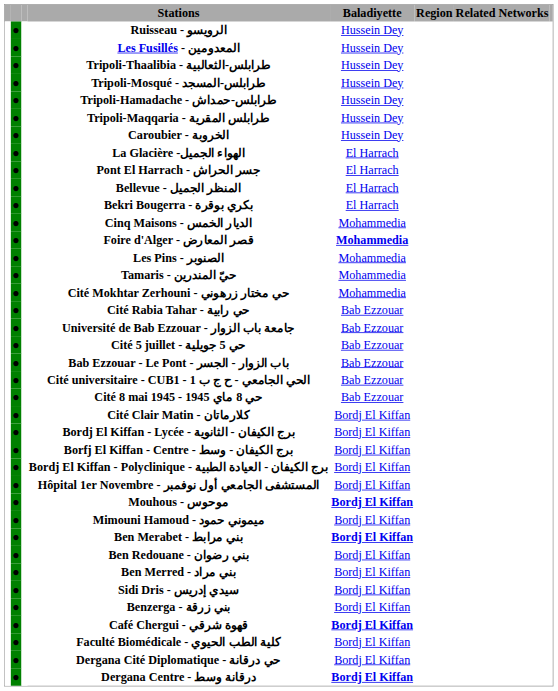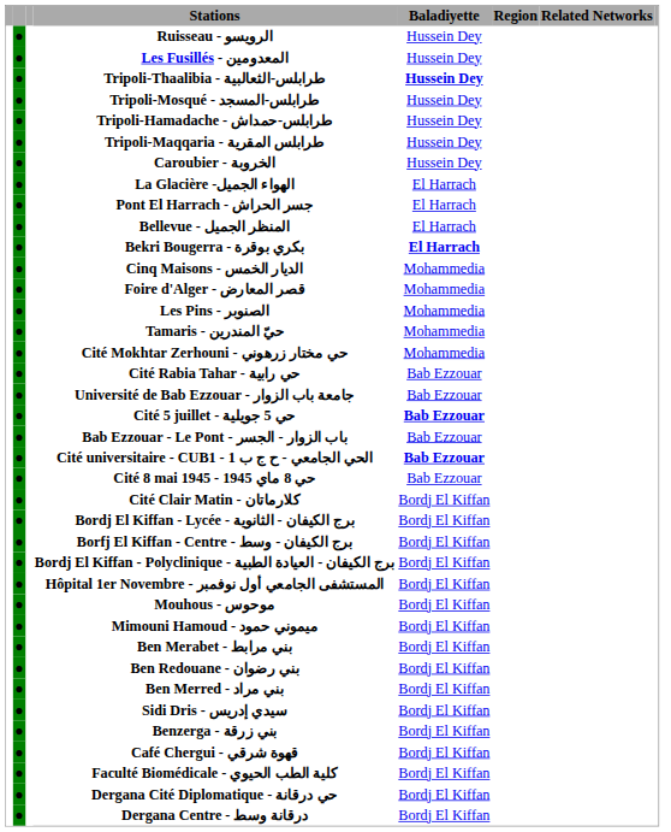 <table cellspacing=0 cellpadding=2 border="0" style="border: 1px solid #999; background-color:white; text-align:center;">
 <tr bgcolor="#AAAAAA">
 <th> </th>
 <th> </th>
 <th> </th>
 <th>Stations</th>
 <th>Baladiyette</th>
 <th>Region</th>
 <th>Related Networks</th>
 <th></th>
 </tr>
 <tr>
 <td bgcolor="#ffffff"> </td>
 <td bgcolor=green><span>●</span></td>
 <td bgcolor="#ffffff"> </td>
 <td align=center><strong> Ruisseau - الرويسو</strong></td>
 <td><a href='#'>Hussein Dey</a></td>
 <td align=left></td>
 </tr>
 <tr>
 <td bgcolor="#ffffff"> </td>
 <td bgcolor=green><span>●</span></td>
 <td bgcolor="#ffffff"> </td>
 <td align=center><strong> <a href='#'>Les Fusillés</a> - المعدومين</strong></td>
 <td><a href='#'>Hussein Dey</a></td>
 <td align=left></td>
 </tr>
 <tr>
 <td bgcolor="#ffffff"> </td>
 <td bgcolor=green><span>●</span></td>
 <td bgcolor="#ffffff"> </td>
 <td align=center><strong> Tripoli-Thaalibia - طرابلس-الثعالبية</strong></td>
-<td><a href='#'>Hussein Dey</a></td>
+<td><strong><a href='#'>Hussein Dey</a></strong></td>
 <td align=left></td>
 </tr>
 <tr>
 <td bgcolor="#ffffff"> </td>
 <td bgcolor=green><span>●</span></td>
 <td bgcolor="#ffffff"> </td>
 <td align=center><strong> Tripoli-Mosqué - طرابلس-المسجد</strong></td>
 <td><a href='#'>Hussein Dey</a></td>
 <td align=left></td>
 </tr>
 <tr>
 <td bgcolor="#ffffff"> </td>
 <td bgcolor=green><span>●</span></td>
 <td bgcolor="#ffffff"> </td>
 <td align=center><strong> Tripoli-Hamadache - طرابلس-حمداش</strong></td>
 <td><a href='#'>Hussein Dey</a></td>
 <td></td>
 </tr>
 <tr>
 <td bgcolor="#ffffff"> </td>
 <td bgcolor=green><span>●</span></td>
 <td bgcolor="#ffffff"> </td>
 <td align=center><strong>Tripoli-Maqqaria - طرابلس المقرية</strong></td>
 <td><a href='#'>Hussein Dey</a></td>
 <td></td>
 </tr>
 <tr>
 <td bgcolor="#ffffff"> </td>
 <td bgcolor=green><span>●</span></td>
 <td bgcolor="#ffffff"> </td>
 <td align=center><strong>Caroubier - الخروبة</strong></td>
 <td><a href='#'>Hussein Dey</a></td>
 <td></td>
 </tr>
 <tr>
 <td bgcolor="#ffffff"> </td>
 <td bgcolor=green><span>●</span></td>
 <td bgcolor="#ffffff"> </td>
 <td align=center><strong>La Glacière -الهواء الجميل</strong></td>
 <td><a href='#'>El Harrach</a></td>
 <td></td>
 </tr>
 <tr>
 <td bgcolor="#ffffff"> </td>
 <td bgcolor=green><span>●</span></td>
 <td bgcolor="#ffffff"> </td>
 <td align=center><strong>Pont El Harrach - جسر الحراش</strong></td>
 <td><a href='#'>El Harrach</a></td>
 <td></td>
 </tr>
 <tr>
 <td bgcolor="#ffffff"> </td>
 <td bgcolor=green><span>●</span></td>
 <td bgcolor="#ffffff"> </td>
 <td align=center><strong>Bellevue - المنظر الجميل</strong></td>
 <td><a href='#'>El Harrach</a></td>
 <td></td>
 </tr>
 <tr>
 <td bgcolor="#ffffff"> </td>
 <td bgcolor=green><span>●</span></td>
 <td bgcolor="#ffffff"> </td>
 <td align=center><strong>Bekri Bougerra - بكري بوقرة</strong></td>
-<td><a href='#'>El Harrach</a></td>
+<td><strong><a href='#'>El Harrach</a></strong></td>
 <td></td>
 </tr>
 <tr>
 <td bgcolor="#ffffff"> </td>
 <td bgcolor=green><span>●</span></td>
 <td bgcolor="#ffffff"> </td>
 <td align=center><strong>Cinq Maisons - الديار الخمس</strong></td>
 <td><a href='#'>Mohammedia</a></td>
 <td></td>
 </tr>
 <tr>
 <td bgcolor="#ffffff"> </td>
 <td bgcolor=green><span>●</span></td>
 <td bgcolor="#ffffff"> </td>
 <td align=center><strong>Foire d'Alger - قصر المعارض</strong></td>
-<td><strong><a href='#'>Mohammedia</a></strong></td>
+<td><a href='#'>Mohammedia</a></td>
 <td></td>
 </tr>
 <tr>
 <td bgcolor="#ffffff"> </td>
 <td bgcolor=green><span>●</span></td>
 <td bgcolor="#ffffff"> </td>
 <td align=center><strong>Les Pins - الصنوبر</strong></td>
 <td><a href='#'>Mohammedia</a></td>
 <td></td>
 </tr>
 <tr>
 <td bgcolor="#ffffff"> </td>
 <td bgcolor=green><span>●</span></td>
 <td bgcolor="#ffffff"> </td>
 <td align=center><strong>Tamaris - حيّ المندرين</strong></td>
 <td><a href='#'>Mohammedia</a></td>
 <td></td>
 </tr>
 <tr>
 <td bgcolor="#ffffff"> </td>
 <td bgcolor=green><span>●</span></td>
 <td bgcolor="#ffffff"> </td>
 <td align=center><strong>Cité Mokhtar Zerhouni - حي مختار زرهوني</strong></td>
 <td><a href='#'>Mohammedia</a></td>
 <td></td>
 </tr>
 <tr>
 <td bgcolor="#ffffff"> </td>
 <td bgcolor=green><span>●</span></td>
 <td bgcolor="#ffffff"> </td>
 <td align=center><strong>Cité Rabia Tahar - حي رابية</strong></td>
 <td><a href='#'>Bab Ezzouar</a></td>
 <td></td>
 </tr>
 <tr>
 <td bgcolor="#ffffff"> </td>
 <td bgcolor=green><span>●</span></td>
 <td bgcolor="#ffffff"> </td>
 <td align=center><strong>Université de Bab Ezzouar - جامعة باب الزوار</strong></td>
 <td><a href='#'>Bab Ezzouar</a></td>
 <td></td>
 </tr>
 <tr>
 <td bgcolor="#ffffff"> </td>
 <td bgcolor=green><span>●</span></td>
 <td bgcolor="#ffffff"> </td>
 <td align=center><strong>Cité 5 juillet - حي 5 جويلية</strong></td>
-<td><a href='#'>Bab Ezzouar</a></td>
+<td><strong><a href='#'>Bab Ezzouar</a></strong></td>
 <td></td>
 </tr>
 <tr>
 <td bgcolor="#ffffff"> </td>
 <td bgcolor=green><span>●</span></td>
 <td bgcolor="#ffffff"> </td>
 <td align=center><strong>Bab Ezzouar - Le Pont - باب الزوار - الجسر</strong></td>
 <td><a href='#'>Bab Ezzouar</a></td>
 <td></td>
 </tr>
 <tr>
 <td bgcolor="#ffffff"> </td>
 <td bgcolor=green><span>●</span></td>
 <td bgcolor="#ffffff"> </td>
 <td align=center><strong>Cité universitaire - CUB1 - الحي الجامعي - ح ج ب 1</strong></td>
-<td><a href='#'>Bab Ezzouar</a></td>
+<td><strong><a href='#'>Bab Ezzouar</a></strong></td>
 <td></td>
 </tr>
 <tr>
 <td bgcolor="#ffffff"> </td>
 <td bgcolor=green><span>●</span></td>
 <td bgcolor="#ffffff"> </td>
 <td align=center><strong>Cité 8 mai 1945 - حي 8 ماي 1945</strong></td>
 <td><a href='#'>Bab Ezzouar</a></td>
 <td></td>
 </tr>
 <tr>
 <td bgcolor="#ffffff"> </td>
 <td bgcolor=green><span>●</span></td>
 <td bgcolor="#ffffff"> </td>
 <td align=center><strong>Cité Clair Matin	- كلارماتان</strong></td>
 <td><a href='#'>Bordj El Kiffan</a></td>
 <td></td>
 </tr>
 <tr>
 <td bgcolor="#ffffff"> </td>
 <td bgcolor=green><span>●</span></td>
 <td bgcolor="#ffffff"> </td>
 <td align=center><strong>Bordj El Kiffan - Lycée	- برج الكيفان - الثانوية</strong></td>
 <td><a href='#'>Bordj El Kiffan</a></td>
 <td></td>
 </tr>
 <tr>
 <td bgcolor="#ffffff"> </td>
 <td bgcolor=green><span>●</span></td>
 <td bgcolor="#ffffff"> </td>
 <td align=center><strong>Borfj El Kiffan - Centre - برج الكيفان - وسط</strong></td>
 <td><a href='#'>Bordj El Kiffan</a></td>
 <td></td>
 </tr>
 <tr>
 <td bgcolor="#ffffff"> </td>
 <td bgcolor=green><span>●</span></td>
 <td bgcolor="#ffffff"> </td>
 <td align=center><strong>Bordj El Kiffan - Polyclinique - برج الكيفان - العيادة الطبية</strong></td>
 <td><a href='#'>Bordj El Kiffan</a></td>
 <td></td>
 </tr>
 <tr>
 <td bgcolor="#ffffff"> </td>
 <td bgcolor=green><span>●</span></td>
 <td bgcolor="#ffffff"> </td>
 <td align=center><strong>Hôpital 1er Novembre - المستشفى الجامعي أول نوفمبر</strong></td>
 <td><a href='#'>Bordj El Kiffan</a></td>
 <td></td>
 </tr>
 <tr>
 <td bgcolor="#ffffff"> </td>
 <td bgcolor=green><span>●</span></td>
 <td bgcolor="#ffffff"> </td>
 <td align=center><strong>Mouhous - موحوس</strong></td>
-<td><strong><a href='#'>Bordj El Kiffan</a></strong></td>
+<td><a href='#'>Bordj El Kiffan</a></td>
 <td></td>
 </tr>
 <tr>
 <td bgcolor="#ffffff"> </td>
 <td bgcolor=green><span>●</span></td>
 <td bgcolor="#ffffff"> </td>
 <td align=center><strong>Mimouni Hamoud - ميموني حمود</strong></td>
 <td><a href='#'>Bordj El Kiffan</a></td>
 <td></td>
 </tr>
 <tr>
 <td bgcolor="#ffffff"> </td>
 <td bgcolor=green><span>●</span></td>
 <td bgcolor="#ffffff"> </td>
 <td align=center><strong>Ben Merabet	- بني مرابط</strong></td>
-<td><strong><a href='#'>Bordj El Kiffan</a></strong></td>
+<td><a href='#'>Bordj El Kiffan</a></td>
 <td></td>
 </tr>
 <tr>
 <td bgcolor="#ffffff"> </td>
 <td bgcolor=green><span>●</span></td>
 <td bgcolor="#ffffff"> </td>
 <td align=center><strong>Ben Redouane - بني رضوان</strong></td>
 <td><a href='#'>Bordj El Kiffan</a></td>
 <td></td>
 </tr>
 <tr>
 <td bgcolor="#ffffff"> </td>
 <td bgcolor=green><span>●</span></td>
 <td bgcolor="#ffffff"> </td>
 <td align=center><strong>Ben Merred - بني مراد</strong></td>
 <td><a href='#'>Bordj El Kiffan</a></td>
 <td></td>
 </tr>
 <tr>
 <td bgcolor="#ffffff"> </td>
 <td bgcolor=green><span>●</span></td>
 <td bgcolor="#ffffff"> </td>
 <td align=center><strong>Sidi Dris - سيدي إدريس</strong></td>
 <td><a href='#'>Bordj El Kiffan</a></td>
 <td></td>
 </tr>
 <tr>
 <td bgcolor="#ffffff"> </td>
 <td bgcolor=green><span>●</span></td>
 <td bgcolor="#ffffff"> </td>
 <td align=center><strong>Benzerga - بني زرقة</strong></td>
 <td><a href='#'>Bordj El Kiffan</a></td>
 <td></td>
 </tr>
 <tr>
 <td bgcolor="#ffffff"> </td>
 <td bgcolor=green><span>●</span></td>
 <td bgcolor="#ffffff"> </td>
 <td align=center><strong>Café Chergui - قهوة شرقي</strong></td>
-<td><strong><a href='#'>Bordj El Kiffan</a></strong></td>
+<td><a href='#'>Bordj El Kiffan</a></td>
 <td></td>
 </tr>
 <tr>
 <td bgcolor="#ffffff"> </td>
 <td bgcolor=green><span>●</span></td>
 <td bgcolor="#ffffff"> </td>
 <td align=center><strong>Faculté Biomédicale - كلية الطب الحيوي</strong></td>
 <td><a href='#'>Bordj El Kiffan</a></td>
 <td></td>
 </tr>
 <tr>
 <td bgcolor="#ffffff"> </td>
 <td bgcolor=green><span>●</span></td>
 <td bgcolor="#ffffff"> </td>
 <td align=center><strong>Dergana Cité Diplomatique - حي درقانة</strong></td>
 <td><a href='#'>Bordj El Kiffan</a></td>
 <td></td>
 </tr>
 <tr>
 <td bgcolor="#ffffff"> </td>
 <td bgcolor=green><span>●</span></td>
 <td bgcolor="#ffffff"> </td>
 <td align=center><strong>Dergana Centre - درقانة وسط</strong></td>
-<td><strong><a href='#'>Bordj El Kiffan</a></strong></td>
+<td><a href='#'>Bordj El Kiffan</a></td>
 <td></td>
 </tr>
 </table>
